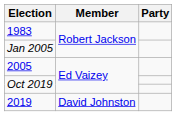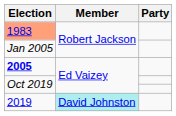 <table class="wikitable">
 <tr>
 <th>Election</th>
 <th>Member</th>
 <th colspan="2">Party</th>
 </tr>
 <tr>
-<td><a href='#'>1983</a></td>
+<td style="background: lightsalmon;"><a href='#'>1983</a></td>
 <td rowspan=2><a href='#'>Robert Jackson</a></td>
 <td></td>
 </tr>
 <tr>
 <td><em>Jan 2005</em></td>
 <td></td>
 </tr>
 <tr>
-<td><a href='#'>2005</a></td>
+<td><strong><a href='#'>2005</a></strong></td>
 <td rowspan="3"><a href='#'>Ed Vaizey</a></td>
 <td></td>
 </tr>
 <tr>
 <td rowspan = 2><em>Oct 2019</em></td>
 <td></td>
 </tr>
 <tr>
 <td></td>
 </tr>
 <tr>
 <td><a href='#'>2019</a></td>
-<td><a href='#'>David Johnston</a></td>
+<td style="background: paleturquoise;"><a href='#'>David Johnston</a></td>
 <td></td>
 </tr>
 </table>
